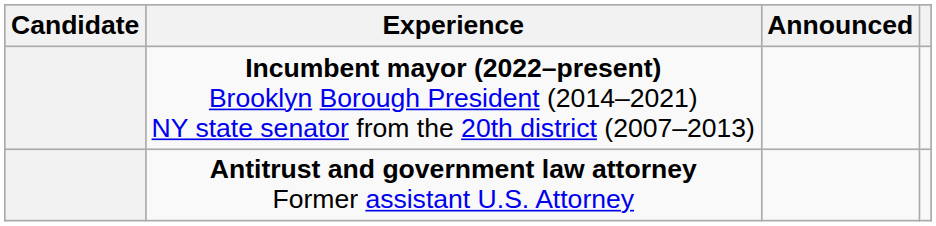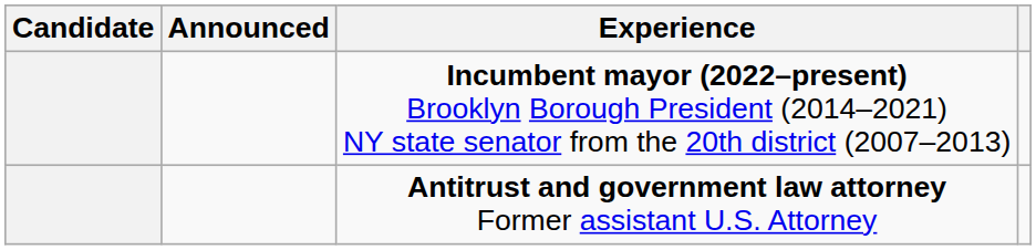 <table class="wikitable sortable" style="text-align:center;">
 <tr>
 <th scope="col">Candidate</th>
+<th scope="col">Announced</th>
 <th scope="col">Experience</th>
-<th scope="col">Announced</th>
 <th scope="col" class="unsortable"></th>
 </tr>
 <tr>
 <th scope="row"><br></th>
+<td><br><br></td>
 <td><strong>Incumbent mayor (2022–present)</strong><br><a href='#'>Brooklyn</a> <a href='#'>Borough President</a> (2014–2021)<br><a href='#'>NY state senator</a> from the <a href='#'>20th district</a> (2007–2013)</td>
-<td><br><br></td>
 <td></td>
 </tr>
 <tr>
 <th scope="row"><br></th>
+<td><br><br></td>
 <td><strong>Antitrust and government law attorney</strong><br>Former <a href='#'>assistant U.S. Attorney</a></td>
-<td><br><br></td>
 <td></td>
 </tr>
 </table>
